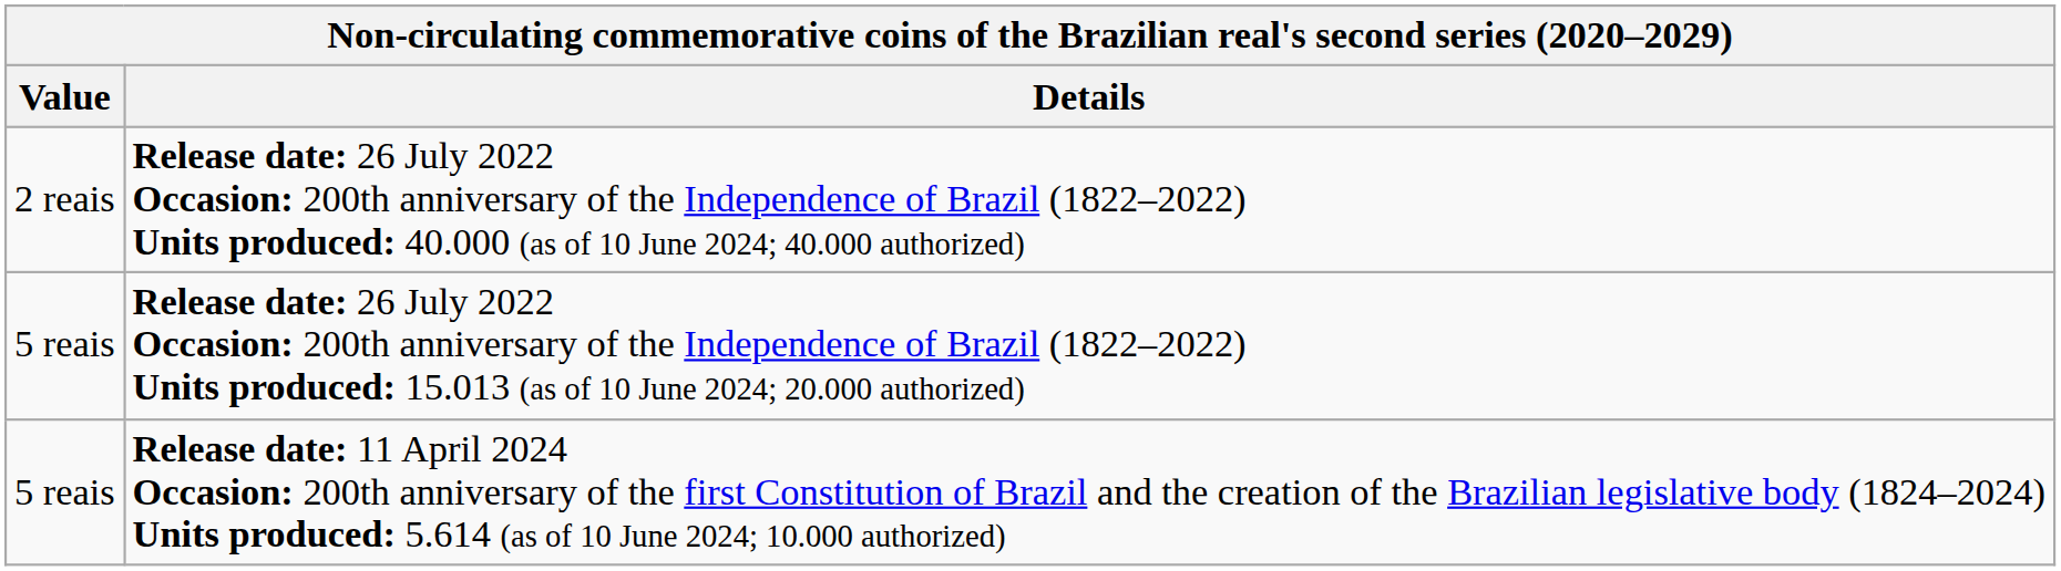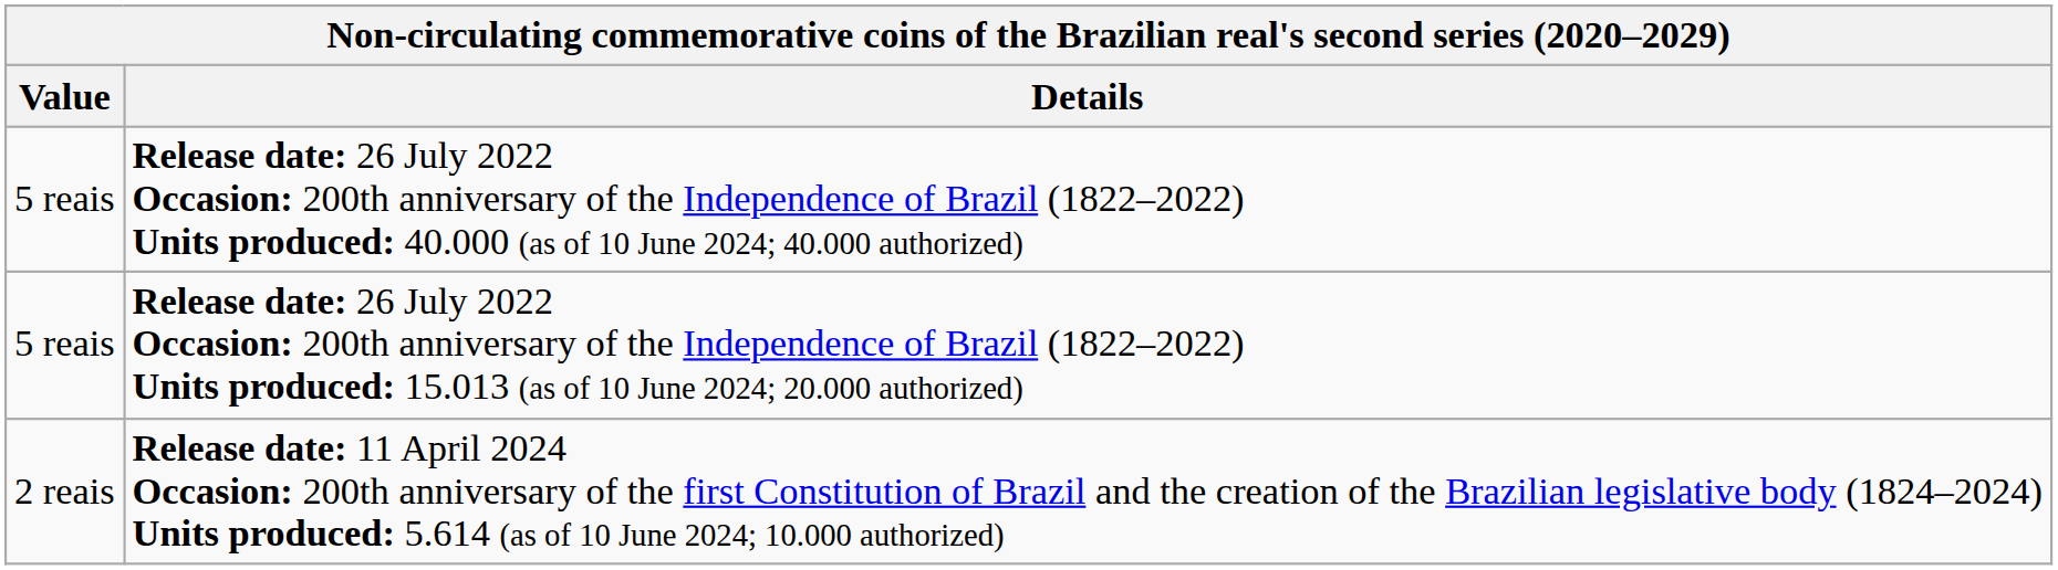 <table border="1" class="wikitable mw-collapsible mw-collapsed">
 <tr>
 <th colspan="3">Non-circulating commemorative coins of the Brazilian real's second series (2020–2029)</th>
 </tr>
 <tr -->
 <th align="Center">Value</th>
 <th align="Center">Details</th>
 </tr>
 <tr -->
-<td align="Center">2 reais</td>
+<td align="Center">5 reais</td>
 <td><strong>Release date:</strong> 26 July 2022<br><strong>Occasion:</strong> 200th anniversary of the <a href='#'>Independence of Brazil</a> (1822–2022)<br><strong>Units produced:</strong> 40.000 <small>(as of 10 June 2024; 40.000 authorized)</small></td>
 </tr>
 <tr -->
 <td align="Center">5 reais</td>
 <td><strong>Release date:</strong> 26 July 2022<br><strong>Occasion:</strong> 200th anniversary of the <a href='#'>Independence of Brazil</a> (1822–2022)<br><strong>Units produced:</strong> 15.013 <small>(as of 10 June 2024; 20.000 authorized)</small></td>
 </tr>
 <tr -->
-<td align="Center">5 reais</td>
+<td align="Center">2 reais</td>
 <td><strong>Release date:</strong> 11 April 2024<br><strong>Occasion:</strong> 200th anniversary of the <a href='#'>first Constitution of Brazil</a> and the creation of the <a href='#'>Brazilian legislative body</a> (1824–2024)<br><strong>Units produced:</strong> 5.614 <small>(as of 10 June 2024; 10.000 authorized)</small></td>
 </tr>
 </table>
